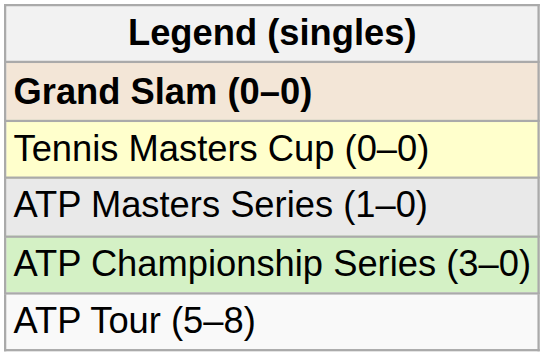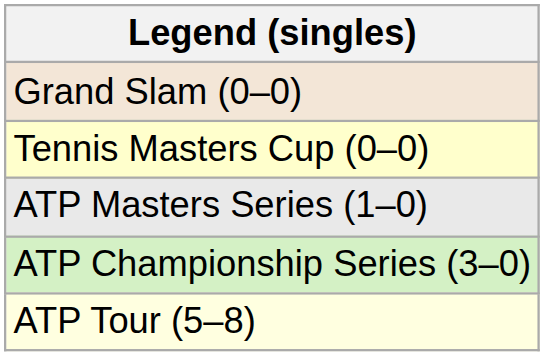 <table class="wikitable">
 <tr>
 <th>Legend (singles)</th>
 </tr>
 <tr bgcolor="#f3e6d7">
-<td><strong>Grand Slam (0–0)</strong></td>
+<td>Grand Slam (0–0)</td>
 </tr>
 <tr bgcolor="ffffcc">
 <td>Tennis Masters Cup (0–0)</td>
 </tr>
 <tr bgcolor="#e9e9e9">
 <td>ATP Masters Series (1–0)</td>
 </tr>
 <tr bgcolor="#d4f1c5">
 <td>ATP Championship Series (3–0)</td>
 </tr>
 <tr>
-<td>ATP Tour (5–8)</td>
+<td style="background: lightyellow;">ATP Tour (5–8)</td>
 </tr>
 </table>
